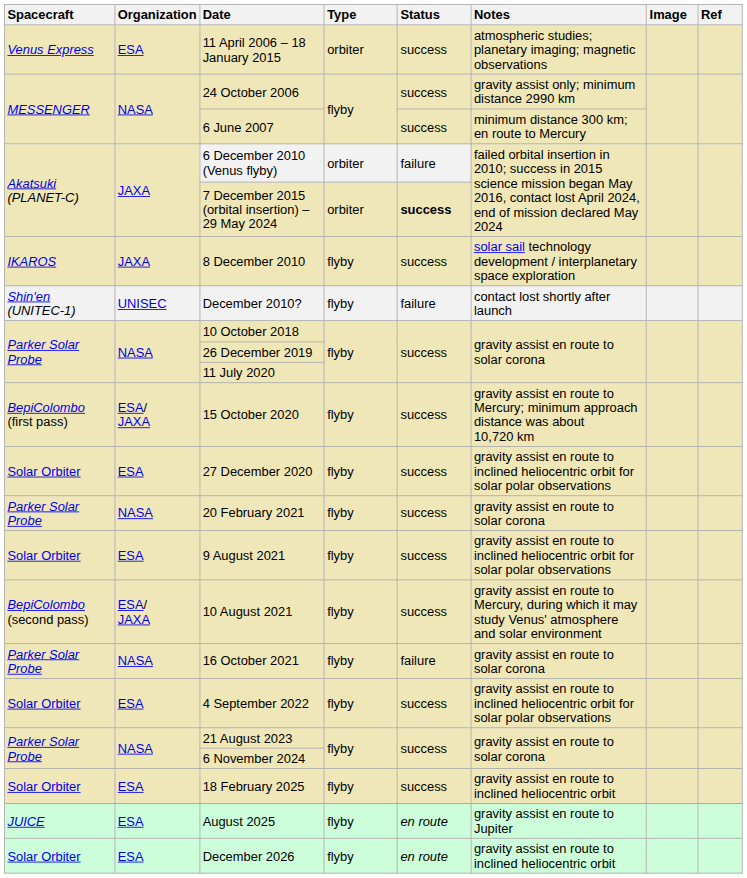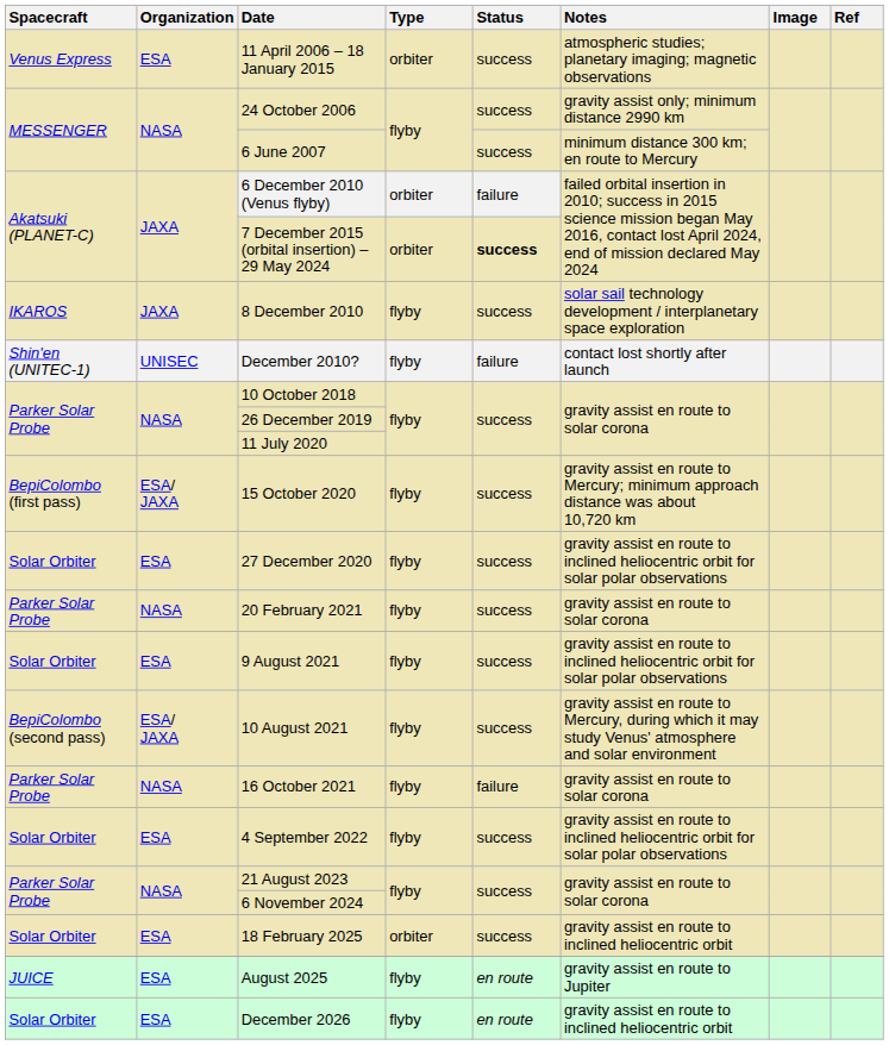 <table class="wikitable sticky-header" style="font-size:95%;">
 <tr>
 <th colspan="2"  style="text-align:left; width:15%;">Spacecraft</th>
 <th style="text-align:left; width:11%;">Organization</th>
 <th style="text-align:left; width:17%;">Date</th>
 <th style="text-align:left; width:10%;">Type</th>
 <th style="text-align:left; width:10%;">Status</th>
 <th style="text-align:left; width:24%;">Notes</th>
 <th style="text-align:left; width:7%;">Image</th>
 <th style="text-align:left; width:6%;">Ref</th>
 </tr>
 <tr style="background:#EFE7B8">
 <td colspan="2"><em><a href='#'>Venus Express</a></em></td>
 <td> <a href='#'>ESA</a></td>
 <td>11 April 2006 – 18 January 2015</td>
 <td>orbiter</td>
 <td>success</td>
 <td>atmospheric studies; planetary imaging; magnetic observations</td>
 <td></td>
 <td></td>
 </tr>
 <tr style="background:#EFE7B8">
 <td colspan="2" rowspan="2"><em><a href='#'>MESSENGER</a></em></td>
 <td rowspan="2"> <a href='#'>NASA</a></td>
 <td>24 October 2006</td>
 <td rowspan="2">flyby</td>
 <td>success</td>
 <td>gravity assist only; minimum distance 2990 km</td>
 <td rowspan="2"></td>
 <td rowspan="2"></td>
 </tr>
 <tr style="background:#EFE7B8">
 <td>6 June 2007</td>
 <td>success</td>
 <td>minimum distance 300 km; en route to Mercury</td>
 </tr>
 <tr style="background:#EFE7B8">
 <td colspan="2" rowspan="2"><em><a href='#'>Akatsuki</a><br>(PLANET-C)</em></td>
 <td rowspan="2"> <a href='#'>JAXA</a></td>
 <td style="background:#F2F2F2">6 December 2010 (Venus flyby)</td>
 <td style="background:#F2F2F2">orbiter</td>
 <td style="background:#F2F2F2">failure</td>
 <td rowspan="2">failed orbital insertion in 2010; success in 2015<br>science mission began May 2016, contact lost April 2024, end of mission declared May 2024</td>
 <td rowspan="2"></td>
 <td rowspan="2"></td>
 </tr>
 <tr style="background:#EFE7B8">
 <td>7 December 2015 (orbital insertion) – 29 May 2024</td>
 <td>orbiter</td>
 <td><strong>success</strong></td>
 </tr>
 <tr style="background:#EFE7B8">
 <td colspan="2"><em><a href='#'>IKAROS</a></em></td>
 <td> <a href='#'>JAXA</a></td>
 <td>8 December 2010</td>
 <td>flyby</td>
 <td>success</td>
 <td><a href='#'>solar sail</a> technology development / interplanetary space exploration</td>
 <td></td>
 <td> </td>
 </tr>
 <tr style="background:#F2F2F2">
 <td colspan="2"><em><a href='#'>Shin'en</a><br>(UNITEC-1)</em></td>
 <td> <a href='#'>UNISEC</a></td>
 <td>December 2010?</td>
 <td>flyby</td>
 <td>failure</td>
 <td>contact lost shortly after launch</td>
 <td></td>
 <td> </td>
 </tr>
 <tr style="background:#EFE7B8">
 <td colspan="2" rowspan="3"><em><a href='#'>Parker Solar Probe</a></em></td>
 <td rowspan="3"> <a href='#'>NASA</a></td>
 <td>10 October 2018</td>
 <td rowspan="3">flyby</td>
 <td rowspan="3">success</td>
 <td rowspan="3">gravity assist en route to solar corona</td>
 <td rowspan="3"></td>
 <td rowspan="3"> </td>
 </tr>
 <tr style="background:#EFE7B8">
 <td>26 December 2019</td>
 </tr>
 <tr style="background:#EFE7B8">
 <td>11 July 2020</td>
 </tr>
 <tr style="background:#EFE7B8">
 <td colspan="2"><em><a href='#'>BepiColombo</a></em><br>(first pass)</td>
 <td> <a href='#'>ESA</a>/<br> <a href='#'>JAXA</a></td>
 <td>15 October 2020</td>
 <td>flyby</td>
 <td>success</td>
 <td>gravity assist en route to Mercury; minimum approach distance was about 10,720 km</td>
 <td></td>
 <td></td>
 </tr>
 <tr style="background:#EFE7B8">
 <td colspan="2" rowspan="1"><a href='#'>Solar Orbiter</a></td>
 <td rowspan="1"> <a href='#'>ESA</a></td>
 <td>27 December 2020</td>
 <td rowspan="1">flyby</td>
 <td rowspan="1">success</td>
 <td rowspan="1">gravity assist en route to inclined heliocentric orbit for solar polar observations</td>
 <td rowspan="1"></td>
 <td rowspan="1"> </td>
 </tr>
 <tr style="background:#EFE7B8">
 <td colspan="2" rowspan="1"><em><a href='#'>Parker Solar Probe</a></em></td>
 <td rowspan="1"> <a href='#'>NASA</a></td>
 <td>20 February 2021</td>
 <td rowspan="1">flyby</td>
 <td rowspan="1">success</td>
 <td rowspan="1">gravity assist en route to solar corona</td>
 <td rowspan="1"></td>
 <td rowspan="1"> </td>
 </tr>
 <tr style="background:#EFE7B8">
 <td colspan="2" rowspan="1"><a href='#'>Solar Orbiter</a></td>
 <td rowspan="1"> <a href='#'>ESA</a></td>
 <td>9 August 2021</td>
 <td rowspan="1">flyby</td>
 <td rowspan="1">success</td>
 <td rowspan="1">gravity assist en route to inclined heliocentric orbit for solar polar observations</td>
 <td rowspan="1"></td>
 <td rowspan="1"> </td>
 </tr>
 <tr style="background:#EFE7B8">
 <td colspan="2"><em><a href='#'>BepiColombo</a></em><br>(second pass)</td>
 <td> <a href='#'>ESA</a>/<br> <a href='#'>JAXA</a></td>
 <td>10 August 2021</td>
 <td>flyby</td>
 <td>success</td>
 <td>gravity assist en route to Mercury, during which it may study Venus' atmosphere and solar environment</td>
 <td></td>
 <td></td>
 </tr>
 <tr style="background:#EFE7B8">
 <td colspan="2" rowspan="1"><em><a href='#'>Parker Solar Probe</a></em></td>
 <td rowspan="1"> <a href='#'>NASA</a></td>
 <td>16 October 2021</td>
 <td rowspan="1">flyby</td>
 <td>failure</td>
 <td rowspan="1">gravity assist en route to solar corona</td>
 <td rowspan="1"></td>
 <td rowspan="1"> </td>
 </tr>
 <tr style="background:#EFE7B8">
 <td colspan="2" rowspan="1"><a href='#'>Solar Orbiter</a></td>
 <td rowspan="1"> <a href='#'>ESA</a></td>
 <td>4 September 2022</td>
 <td rowspan="1">flyby</td>
 <td rowspan="1">success</td>
 <td rowspan="1">gravity assist en route to inclined heliocentric orbit for solar polar observations</td>
 <td rowspan="1"></td>
 <td rowspan="1"> </td>
 </tr>
 <tr style="background:#EFE7B8">
 <td colspan="2" rowspan="2"><em><a href='#'>Parker Solar Probe</a></em></td>
 <td rowspan="2"> <a href='#'>NASA</a></td>
 <td>21 August 2023</td>
 <td rowspan="2">flyby</td>
 <td rowspan="2">success</td>
 <td rowspan="2">gravity assist en route to solar corona</td>
 <td rowspan="2"></td>
 <td rowspan="2"> </td>
 </tr>
 <tr style="background:#EFE7B8">
 <td>6 November 2024</td>
 </tr>
 <tr style="background:#EFE7B8">
 <td colspan="2" rowspan="1"><a href='#'>Solar Orbiter</a></td>
 <td rowspan="1"> <a href='#'>ESA</a></td>
 <td>18 February 2025</td>
-<td rowspan="1">flyby</td>
+<td>orbiter</td>
 <td rowspan="1">success</td>
 <td rowspan="1">gravity assist en route to inclined heliocentric orbit</td>
 <td rowspan="1"></td>
 <td rowspan="1"> </td>
 </tr>
 <tr style="background:#CCFFD9">
 </tr>
 <tr style="background:#CCFFD9">
 <td colspan="2"><em><a href='#'>JUICE</a></em></td>
 <td> <a href='#'>ESA</a></td>
 <td>August 2025</td>
 <td>flyby</td>
 <td><em>en route</em></td>
 <td>gravity assist en route to Jupiter</td>
 <td></td>
 <td></td>
 </tr>
 <tr style="background:#CCFFD9">
 <td colspan="2"><a href='#'>Solar Orbiter</a></td>
 <td> <a href='#'>ESA</a></td>
 <td>December 2026</td>
 <td>flyby</td>
 <td><em>en route</em></td>
 <td>gravity assist en route to inclined heliocentric orbit</td>
 <td></td>
 <td> </td>
 </tr>
 </table>
